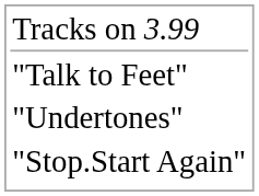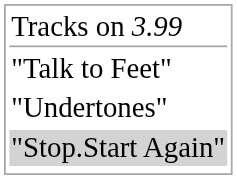 <table style="border:1px solid darkgrey;">
 <tr>
 <td style="border-bottom:1px solid darkgrey;">Tracks on <em>3.99</em></td>
 </tr>
 <tr>
 <td>"Talk to Feet"</td>
 </tr>
 <tr>
 <td>"Undertones"</td>
 </tr>
 <tr>
-<td>"Stop.Start Again"</td>
+<td style="background: lightgrey;">"Stop.Start Again"</td>
 </tr>
 <tr>
 </tr>
 </table>
